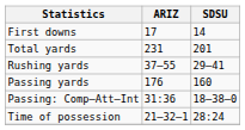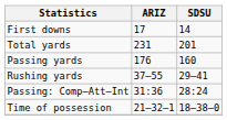 <table class="wikitable" style="float: left;">
 <tr>
 <th>Statistics</th>
 <th>ARIZ</th>
 <th>SDSU</th>
 </tr>
 <tr>
 <td>First downs</td>
 <td>17</td>
 <td>14</td>
 </tr>
 <tr>
 <td>Total yards</td>
 <td>231</td>
 <td>201</td>
 </tr>
 <tr>
+<td>Passing yards</td>
+<td>176</td>
+<td>160</td>
+</tr>
+<tr>
 <td>Rushing yards</td>
 <td>37–55</td>
 <td>29–41</td>
 </tr>
 <tr>
-<td>Passing yards</td>
-<td>176</td>
-<td>160</td>
-</tr>
-<tr>
 <td>Passing: Comp–Att–Int</td>
 <td>31:36</td>
-<td>18–38–0</td>
+<td>28:24</td>
 </tr>
 <tr>
 <td>Time of possession</td>
 <td>21–32–1</td>
-<td>28:24</td>
+<td>18–38–0</td>
 </tr>
 <tr>
 </tr>
 </table>
